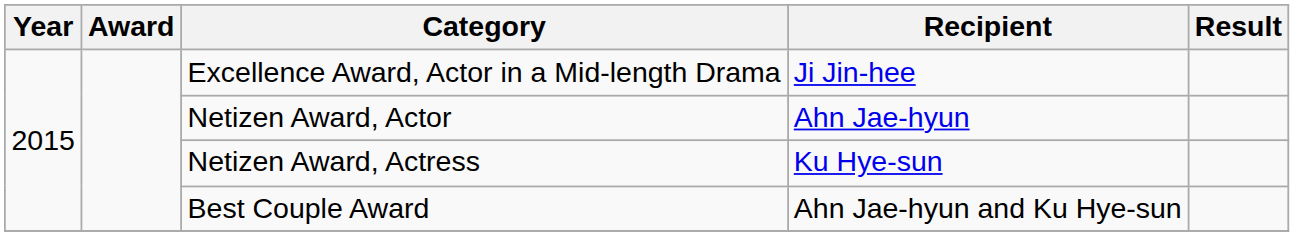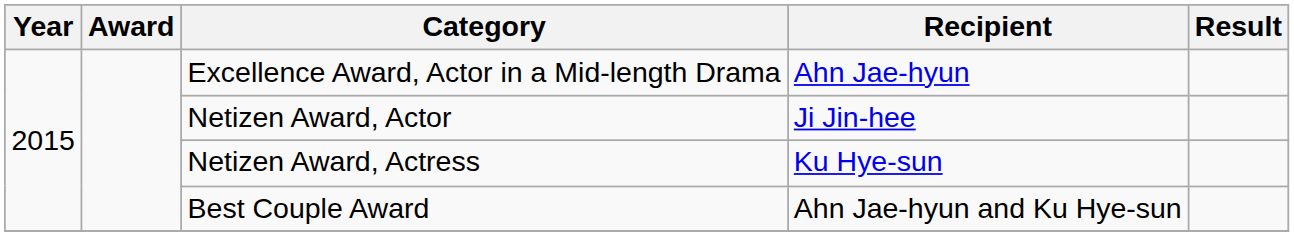 <table class="wikitable">
 <tr>
 <th>Year</th>
 <th>Award</th>
 <th>Category</th>
 <th>Recipient</th>
 <th>Result</th>
 </tr>
 <tr>
 <td rowspan=4>2015</td>
 <td rowspan=4></td>
 <td>Excellence Award, Actor in a Mid-length Drama</td>
-<td><a href='#'>Ji Jin-hee</a></td>
+<td><a href='#'>Ahn Jae-hyun</a></td>
 <td></td>
 </tr>
 <tr>
 <td>Netizen Award, Actor</td>
-<td><a href='#'>Ahn Jae-hyun</a></td>
+<td><a href='#'>Ji Jin-hee</a></td>
 <td></td>
 </tr>
 <tr>
 <td>Netizen Award, Actress</td>
 <td><a href='#'>Ku Hye-sun</a></td>
 <td></td>
 </tr>
 <tr>
 <td>Best Couple Award</td>
 <td>Ahn Jae-hyun and Ku Hye-sun</td>
 <td></td>
 </tr>
 <tr>
 </tr>
 </table>
